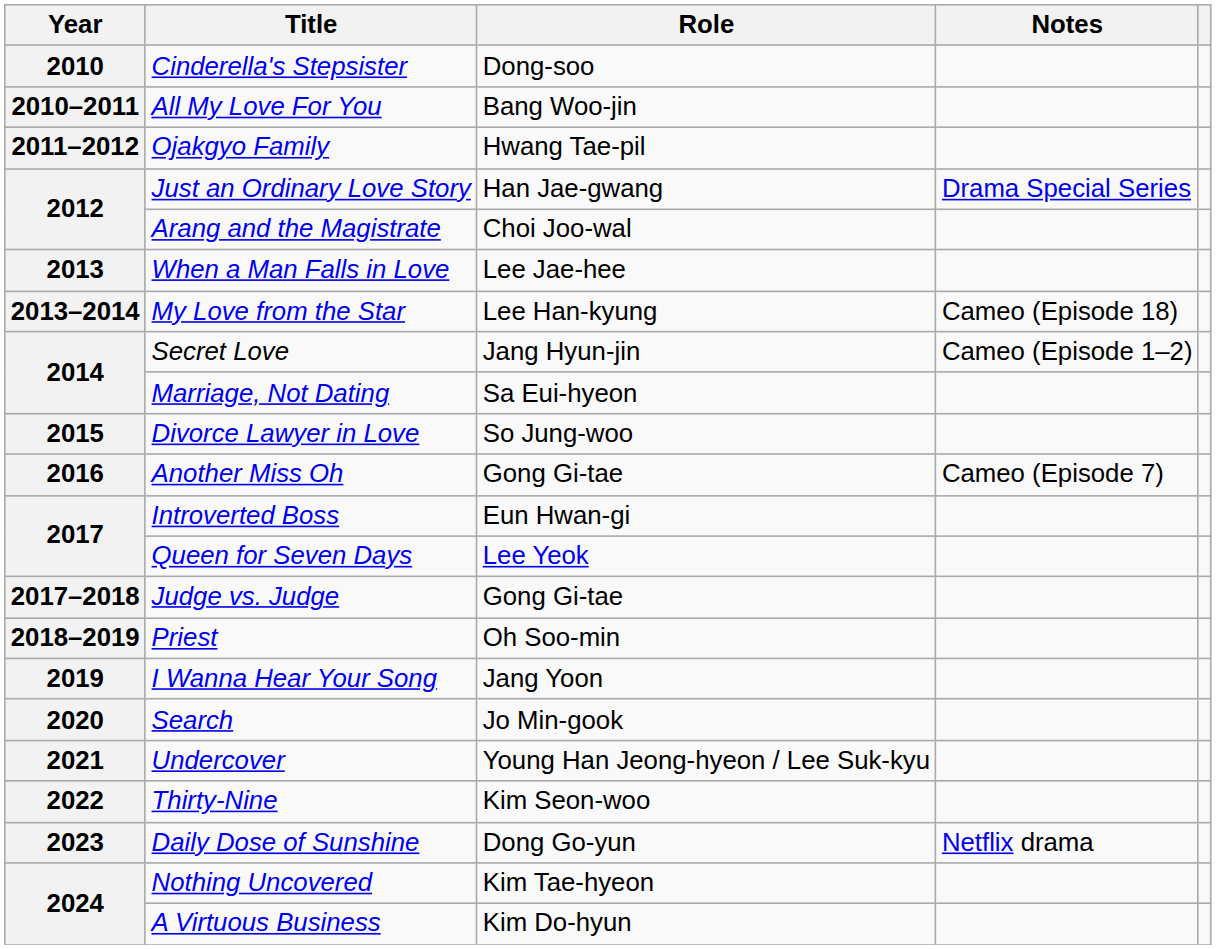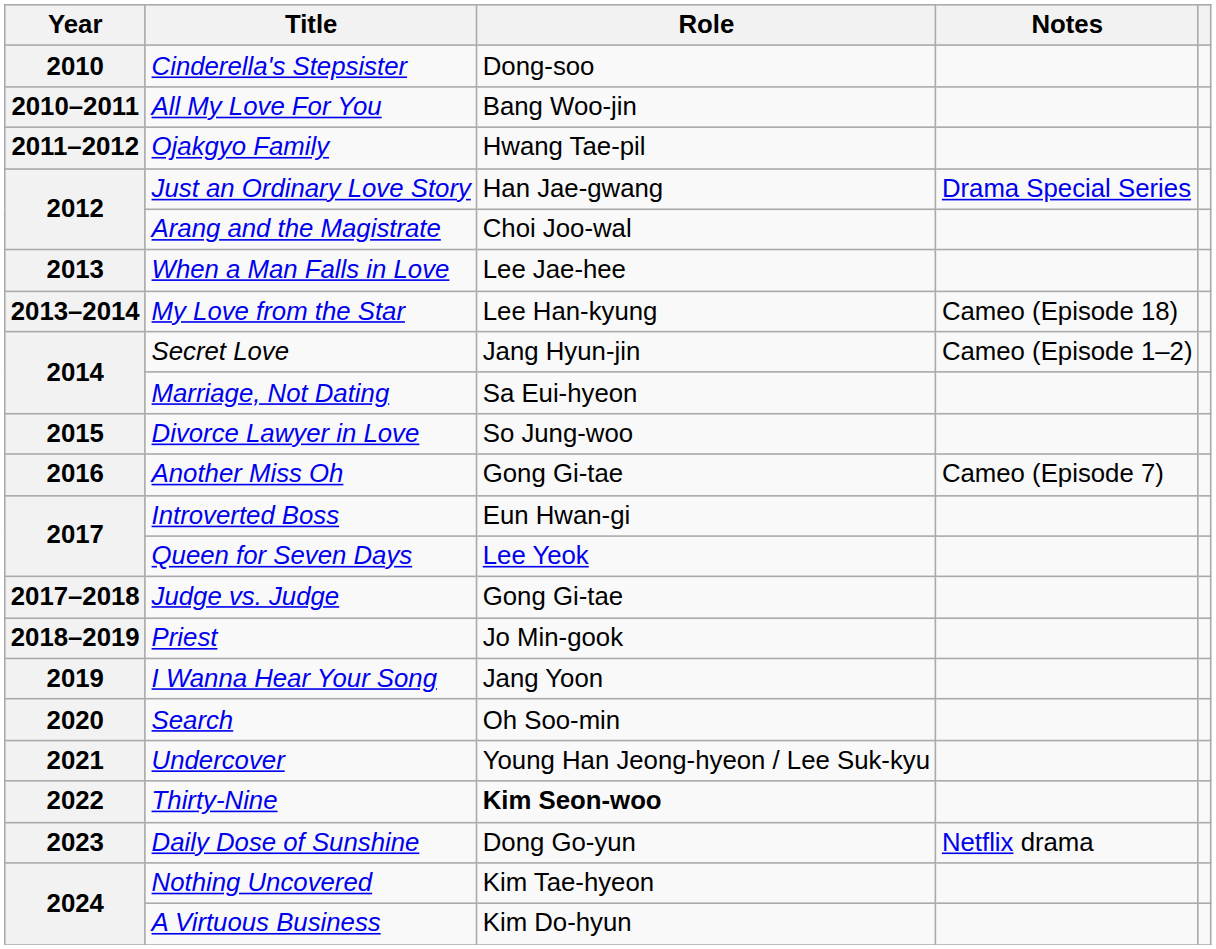 <table class="wikitable plainrowheaders sortable">
 <tr>
 <th scope="col">Year</th>
 <th scope="col">Title</th>
 <th scope="col">Role</th>
 <th scope="col">Notes</th>
 <th scope="col" class="unsortable"></th>
 </tr>
 <tr>
 <th scope="row">2010</th>
 <td><em><a href='#'>Cinderella's Stepsister</a></em></td>
 <td>Dong-soo</td>
 <td></td>
 <td style="text-align:center"></td>
 </tr>
 <tr>
 <th scope="row">2010–2011</th>
 <td><em><a href='#'>All My Love For You</a></em></td>
 <td>Bang Woo-jin</td>
 <td></td>
 <td style="text-align:center"></td>
 </tr>
 <tr>
 <th scope="row">2011–2012</th>
 <td><em><a href='#'>Ojakgyo Family</a></em></td>
 <td>Hwang Tae-pil</td>
 <td></td>
 <td style="text-align:center"></td>
 </tr>
 <tr>
 <th scope="row" rowspan="2">2012</th>
 <td><em><a href='#'>Just an Ordinary Love Story</a></em></td>
 <td>Han Jae-gwang</td>
 <td><a href='#'>Drama Special Series</a></td>
 <td style="text-align:center"></td>
 </tr>
 <tr>
 <td><em><a href='#'>Arang and the Magistrate</a></em></td>
 <td>Choi Joo-wal</td>
 <td></td>
 <td style="text-align:center"></td>
 </tr>
 <tr>
 <th scope="row">2013</th>
 <td><em><a href='#'>When a Man Falls in Love</a></em></td>
 <td>Lee Jae-hee</td>
 <td></td>
 <td style="text-align:center"></td>
 </tr>
 <tr>
 <th scope="row">2013–2014</th>
 <td><em><a href='#'>My Love from the Star</a></em></td>
 <td>Lee Han-kyung</td>
 <td>Cameo (Episode 18)</td>
 <td style="text-align:center"></td>
 </tr>
 <tr>
 <th scope="row" rowspan="2">2014</th>
 <td><em>Secret Love</em></td>
 <td>Jang Hyun-jin</td>
 <td>Cameo (Episode 1–2)</td>
 <td style="text-align:center"></td>
 </tr>
 <tr>
 <td><em><a href='#'>Marriage, Not Dating</a></em></td>
 <td>Sa Eui-hyeon</td>
 <td></td>
 <td style="text-align:center"></td>
 </tr>
 <tr>
 <th scope="row">2015</th>
 <td><em><a href='#'>Divorce Lawyer in Love</a></em></td>
 <td>So Jung-woo</td>
 <td></td>
 <td style="text-align:center"></td>
 </tr>
 <tr>
 <th scope="row">2016</th>
 <td><em><a href='#'>Another Miss Oh</a></em></td>
 <td>Gong Gi-tae</td>
 <td>Cameo (Episode 7)</td>
 <td style="text-align:center"></td>
 </tr>
 <tr>
 <th scope="row" rowspan="2">2017</th>
 <td><em><a href='#'>Introverted Boss</a></em></td>
 <td>Eun Hwan-gi</td>
 <td></td>
 <td style="text-align:center"></td>
 </tr>
 <tr>
 <td><em><a href='#'>Queen for Seven Days</a></em></td>
 <td><a href='#'>Lee Yeok</a></td>
 <td></td>
 <td style="text-align:center"></td>
 </tr>
 <tr>
 <th scope="row">2017–2018</th>
 <td><em><a href='#'>Judge vs. Judge</a></em></td>
 <td>Gong Gi-tae</td>
 <td></td>
 <td style="text-align:center"></td>
 </tr>
 <tr>
 <th scope="row">2018–2019</th>
 <td><em><a href='#'>Priest</a></em></td>
-<td>Oh Soo-min</td>
+<td>Jo Min-gook</td>
 <td></td>
 <td style="text-align:center"></td>
 </tr>
 <tr>
 <th scope="row">2019</th>
 <td><em><a href='#'>I Wanna Hear Your Song</a></em></td>
 <td>Jang Yoon</td>
 <td></td>
 <td style="text-align:center"></td>
 </tr>
 <tr>
 <th scope="row">2020</th>
 <td><em><a href='#'>Search</a></em></td>
-<td>Jo Min-gook</td>
+<td>Oh Soo-min</td>
 <td></td>
 <td style="text-align:center"></td>
 </tr>
 <tr>
 <th scope="row">2021</th>
 <td><em><a href='#'>Undercover</a></em></td>
 <td>Young Han Jeong-hyeon / Lee Suk-kyu</td>
 <td></td>
 <td style="text-align:center"></td>
 </tr>
 <tr>
 <th scope="row">2022</th>
 <td><em><a href='#'>Thirty-Nine</a></em></td>
-<td>Kim Seon-woo</td>
+<td><strong>Kim Seon-woo</strong></td>
 <td></td>
 <td style="text-align:center"></td>
 </tr>
 <tr>
 <th scope="row">2023</th>
 <td><em><a href='#'>Daily Dose of Sunshine</a></em></td>
 <td>Dong Go-yun</td>
 <td><a href='#'>Netflix</a> drama</td>
 <td style="text-align:center"></td>
 </tr>
 <tr>
 <th scope="row" rowspan="2">2024</th>
 <td><em><a href='#'>Nothing Uncovered</a></em></td>
 <td>Kim Tae-hyeon</td>
 <td></td>
 <td style="text-align:center"></td>
 </tr>
 <tr>
 <td><em><a href='#'>A Virtuous Business</a></em></td>
 <td>Kim Do-hyun</td>
 <td></td>
 <td></td>
 </tr>
 </table>
